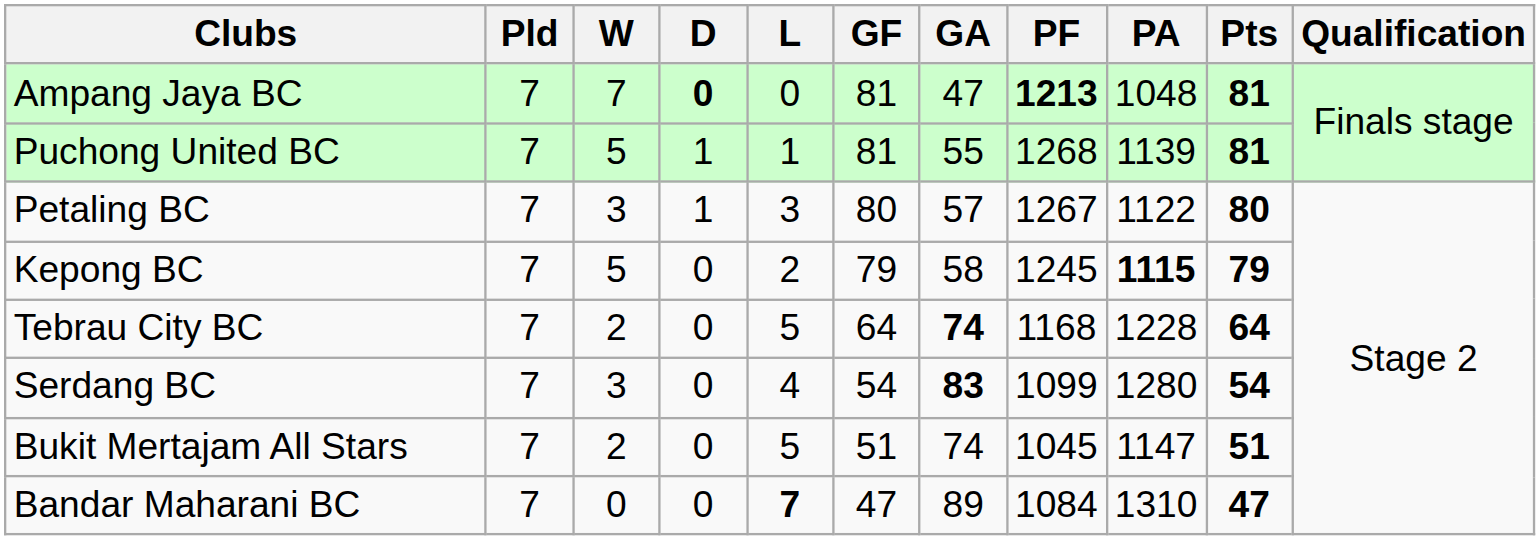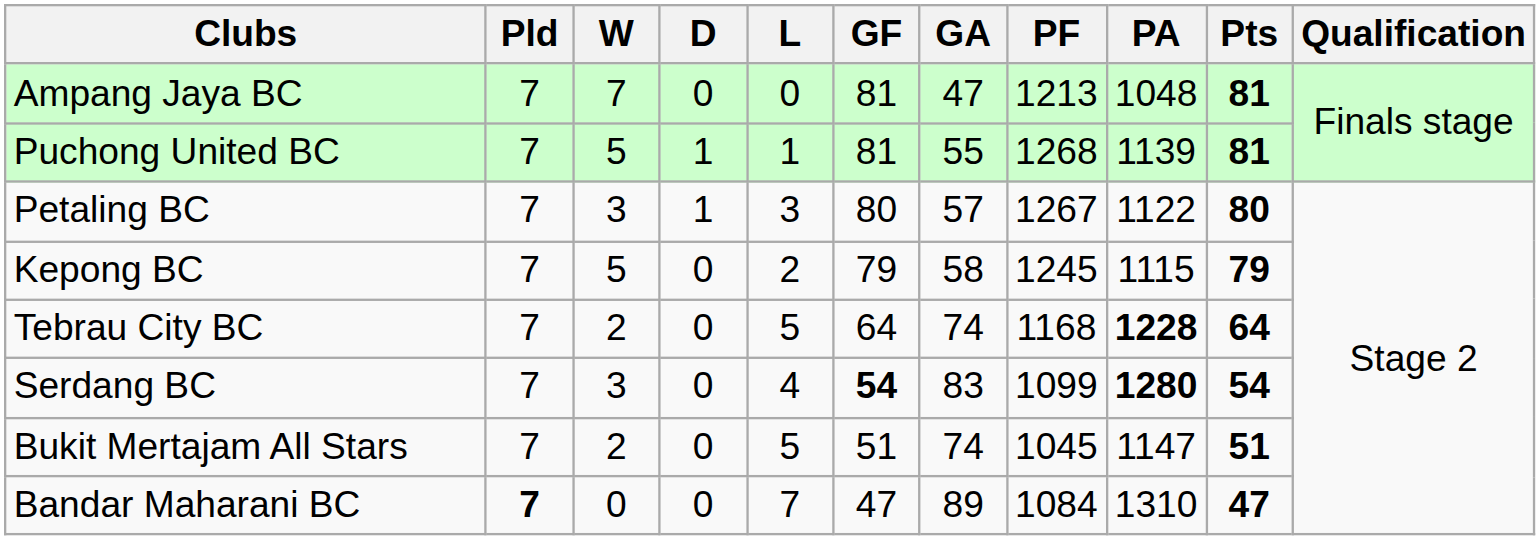 <table class=wikitable style="text-align:center">
 <tr>
 <th width=200>Clubs</th>
 <th width=30>Pld</th>
 <th width=30>W</th>
 <th width=30>D</th>
 <th width=30>L</th>
 <th width=30>GF</th>
 <th width=30>GA</th>
 <th width=30>PF</th>
 <th width=30>PA</th>
 <th width=30>Pts</th>
 <th width=80>Qualification</th>
 </tr>
 <tr bgcolor=ccffcc>
 <td style="text-align:left"> Ampang Jaya BC</td>
 <td>7</td>
 <td>7</td>
-<td><strong>0</strong></td>
+<td>0</td>
 <td>0</td>
 <td>81</td>
 <td>47</td>
-<td><strong>1213</strong></td>
+<td>1213</td>
 <td>1048</td>
 <td><strong>81</strong></td>
 <td rowspan="2">Finals stage</td>
 </tr>
 <tr bgcolor=ccffcc>
 <td style="text-align:left"> Puchong United BC</td>
 <td>7</td>
 <td>5</td>
 <td>1</td>
 <td>1</td>
 <td>81</td>
 <td>55</td>
 <td>1268</td>
 <td>1139</td>
 <td><strong>81</strong></td>
 </tr>
 <tr bgcolor=>
 <td style="text-align:left"> Petaling BC</td>
 <td>7</td>
 <td>3</td>
 <td>1</td>
 <td>3</td>
 <td>80</td>
 <td>57</td>
 <td>1267</td>
 <td>1122</td>
 <td><strong>80</strong></td>
 <td rowspan="6">Stage 2</td>
 </tr>
 <tr bgcolor=>
 <td style="text-align:left"> Kepong BC</td>
 <td>7</td>
 <td>5</td>
 <td>0</td>
 <td>2</td>
 <td>79</td>
 <td>58</td>
 <td>1245</td>
-<td><strong>1115</strong></td>
+<td>1115</td>
 <td><strong>79</strong></td>
 </tr>
 <tr bgcolor=>
 <td style="text-align:left"> Tebrau City BC</td>
 <td>7</td>
 <td>2</td>
 <td>0</td>
 <td>5</td>
 <td>64</td>
-<td><strong>74</strong></td>
+<td>74</td>
 <td>1168</td>
-<td>1228</td>
+<td><strong>1228</strong></td>
 <td><strong>64</strong></td>
 </tr>
 <tr bgcolor=>
 <td style="text-align:left"> Serdang BC</td>
 <td>7</td>
 <td>3</td>
 <td>0</td>
 <td>4</td>
-<td>54</td>
-<td><strong>83</strong></td>
+<td><strong>54</strong></td>
+<td>83</td>
 <td>1099</td>
-<td>1280</td>
+<td><strong>1280</strong></td>
 <td><strong>54</strong></td>
 </tr>
 <tr bgcolor=>
 <td style="text-align:left"> Bukit Mertajam All Stars</td>
 <td>7</td>
 <td>2</td>
 <td>0</td>
 <td>5</td>
 <td>51</td>
 <td>74</td>
 <td>1045</td>
 <td>1147</td>
 <td><strong>51</strong></td>
 </tr>
 <tr bgcolor=>
 <td style="text-align:left"> Bandar Maharani BC</td>
-<td>7</td>
+<td><strong>7</strong></td>
 <td>0</td>
 <td>0</td>
-<td><strong>7</strong></td>
+<td>7</td>
 <td>47</td>
 <td>89</td>
 <td>1084</td>
 <td>1310</td>
 <td><strong>47</strong></td>
 </tr>
 </table>
